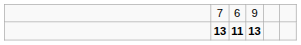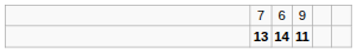 <table class="wikitable">
 <tr>
 <td style="width:18em"></td>
 <td align=center style="width:1em">7</td>
 <td align=center style="width:1em">6</td>
 <td align=center style="width:1em">9</td>
 <td align=center style="width:1em"></td>
 <td align=center style="width:1em"></td>
 </tr>
 <tr>
 <td style="width:18em"></td>
 <td align=center style="width:1em"><strong>13</strong></td>
+<td align=center style="width:1em"><strong>14</strong></td>
 <td align=center style="width:1em"><strong>11</strong></td>
-<td align=center style="width:1em"><strong>13</strong></td>
 <td align=center style="width:1em"></td>
 <td align=center style="width:1em"></td>
 </tr>
 </table>
